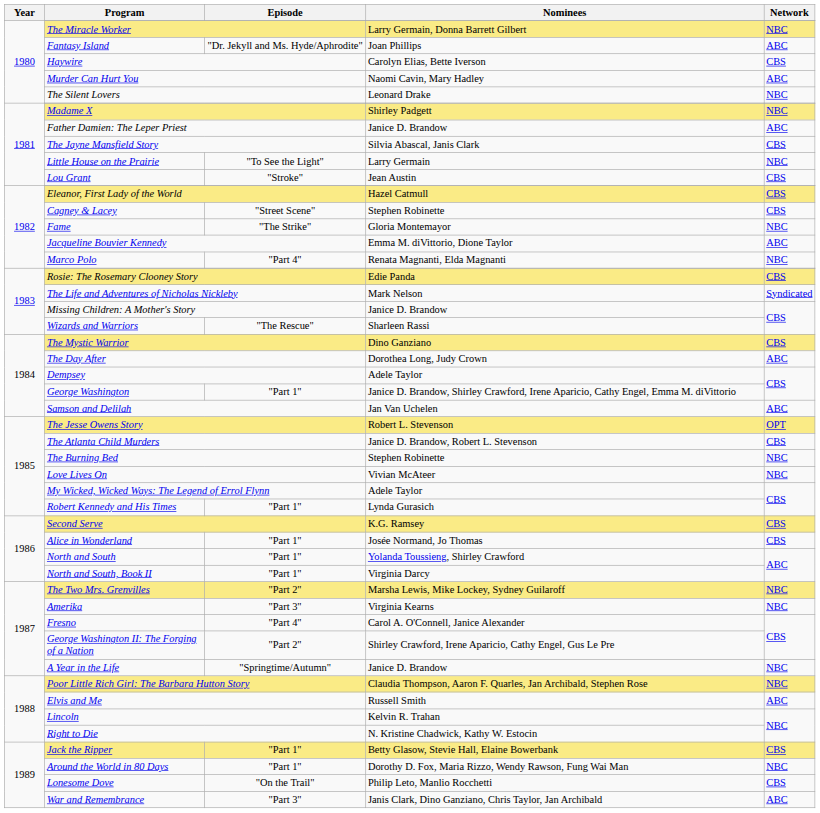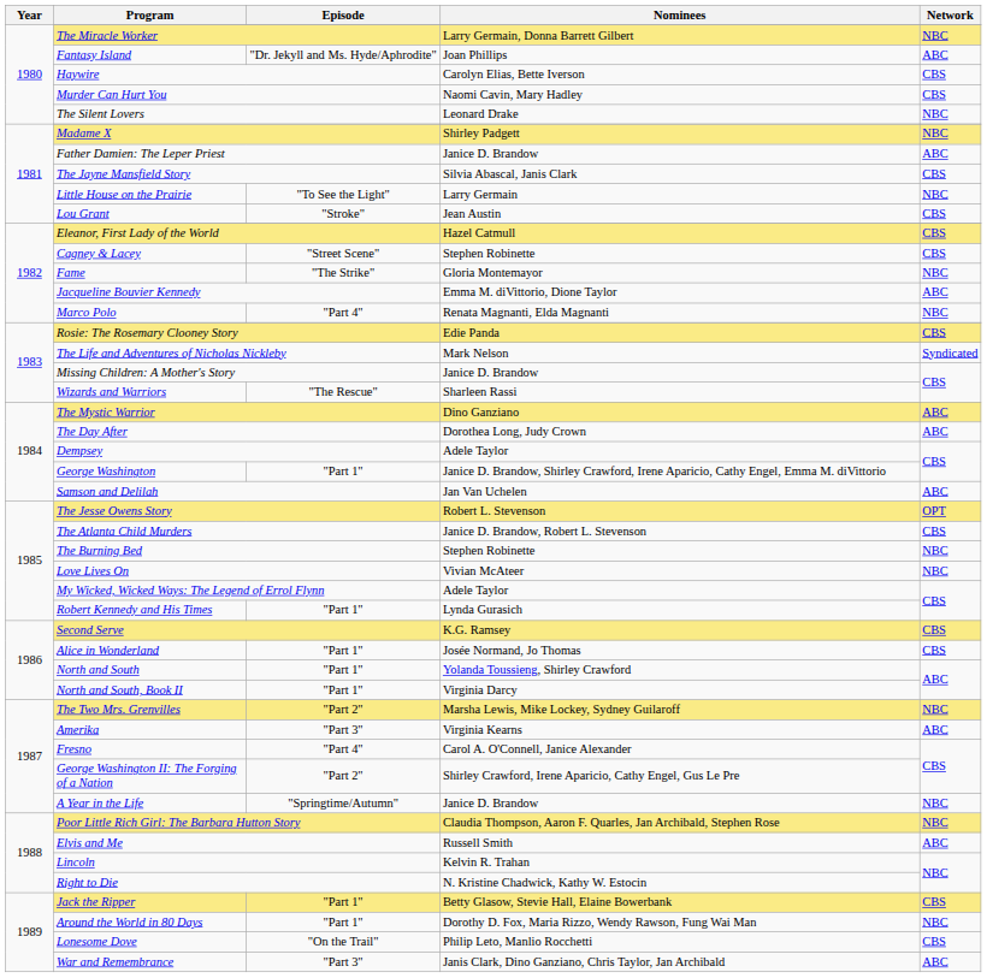 <table class="wikitable">
 <tr>
 <th width="5%">Year</th>
 <th width="20%">Program</th>
 <th width="20%">Episode</th>
 <th width="50%">Nominees</th>
 <th width="5%">Network</th>
 </tr>
 <tr>
 <td rowspan="6" style="text-align:center;"><a href='#'>1980</a><br></td>
 </tr>
 <tr style="background:#FAEB86;">
 <td colspan=2><em><a href='#'>The Miracle Worker</a></em></td>
 <td>Larry Germain, Donna Barrett Gilbert</td>
 <td><a href='#'>NBC</a></td>
 </tr>
 <tr>
 <td><em><a href='#'>Fantasy Island</a></em></td>
 <td align=center>"Dr. Jekyll and Ms. Hyde/Aphrodite"</td>
 <td>Joan Phillips</td>
 <td><a href='#'>ABC</a></td>
 </tr>
 <tr>
 <td colspan=2><em><a href='#'>Haywire</a> </em></td>
 <td>Carolyn Elias, Bette Iverson</td>
 <td><a href='#'>CBS</a></td>
 </tr>
 <tr>
 <td colspan=2><em><a href='#'>Murder Can Hurt You</a> </em></td>
 <td>Naomi Cavin, Mary Hadley</td>
-<td><a href='#'>ABC</a></td>
+<td><a href='#'>CBS</a></td>
 </tr>
 <tr>
 <td colspan=2><em>The Silent Lovers</em></td>
 <td>Leonard Drake</td>
 <td><a href='#'>NBC</a></td>
 </tr>
 <tr>
 <td rowspan="6" style="text-align:center;"><a href='#'>1981</a><br></td>
 </tr>
 <tr style="background:#FAEB86;">
 <td colspan=2><em><a href='#'>Madame X</a></em></td>
 <td>Shirley Padgett</td>
 <td><a href='#'>NBC</a></td>
 </tr>
 <tr>
 <td colspan=2><em>Father Damien: The Leper Priest </em></td>
 <td>Janice D. Brandow</td>
 <td><a href='#'>ABC</a></td>
 </tr>
 <tr>
 <td colspan=2><em><a href='#'>The Jayne Mansfield Story</a> </em></td>
 <td>Silvia Abascal, Janis Clark</td>
 <td><a href='#'>CBS</a></td>
 </tr>
 <tr>
 <td><em><a href='#'>Little House on the Prairie</a></em></td>
 <td align=center>"To See the Light"</td>
 <td>Larry Germain</td>
 <td><a href='#'>NBC</a></td>
 </tr>
 <tr>
 <td><em><a href='#'>Lou Grant</a></em></td>
 <td align=center>"Stroke"</td>
 <td>Jean Austin</td>
 <td><a href='#'>CBS</a></td>
 </tr>
 <tr>
 <td rowspan="6" style="text-align:center;"><a href='#'>1982</a><br></td>
 </tr>
 <tr style="background:#FAEB86;">
 <td colspan=2><em>Eleanor, First Lady of the World</em></td>
 <td>Hazel Catmull</td>
 <td><a href='#'>CBS</a></td>
 </tr>
 <tr>
 <td><em><a href='#'>Cagney & Lacey</a></em></td>
 <td align=center>"Street Scene"</td>
 <td>Stephen Robinette</td>
 <td><a href='#'>CBS</a></td>
 </tr>
 <tr>
 <td><em><a href='#'>Fame</a></em></td>
 <td align=center>"The Strike"</td>
 <td>Gloria Montemayor</td>
 <td><a href='#'>NBC</a></td>
 </tr>
 <tr>
 <td colspan=2><em><a href='#'>Jacqueline Bouvier Kennedy</a> </em></td>
 <td>Emma M. diVittorio, Dione Taylor</td>
 <td><a href='#'>ABC</a></td>
 </tr>
 <tr>
 <td><em><a href='#'>Marco Polo</a></em></td>
 <td align=center>"Part 4"</td>
 <td>Renata Magnanti, Elda Magnanti</td>
 <td><a href='#'>NBC</a></td>
 </tr>
 <tr>
 <td rowspan="5" style="text-align:center;"><a href='#'>1983</a><br></td>
 </tr>
 <tr style="background:#FAEB86;">
 <td colspan=2><em>Rosie: The Rosemary Clooney Story</em></td>
 <td>Edie Panda</td>
 <td><a href='#'>CBS</a></td>
 </tr>
 <tr>
 <td colspan=2><em><a href='#'>The Life and Adventures of Nicholas Nickleby</a> </em></td>
 <td>Mark Nelson</td>
 <td><a href='#'>Syndicated</a></td>
 </tr>
 <tr>
 <td colspan=2><em>Missing Children: A Mother's Story</em></td>
 <td>Janice D. Brandow</td>
 <td rowspan=2><a href='#'>CBS</a></td>
 </tr>
 <tr>
 <td><em><a href='#'>Wizards and Warriors</a> </em></td>
 <td align=center>"The Rescue"</td>
 <td>Sharleen Rassi</td>
 </tr>
 <tr>
 <td rowspan="5" style="text-align:center;">1984<br></td>
 <td style="background:#FAEB86;" colspan=2><em><a href='#'>The Mystic Warrior</a></em></td>
 <td style="background:#FAEB86;">Dino Ganziano</td>
-<td style="background:#FAEB86;"><a href='#'>CBS</a></td>
+<td style="background:#FAEB86;"><a href='#'>ABC</a></td>
 </tr>
 <tr>
 <td colspan=2><em><a href='#'>The Day After</a></em></td>
 <td>Dorothea Long, Judy Crown</td>
 <td><a href='#'>ABC</a></td>
 </tr>
 <tr>
 <td colspan=2><em><a href='#'>Dempsey</a></em></td>
 <td>Adele Taylor</td>
 <td rowspan=2><a href='#'>CBS</a></td>
 </tr>
 <tr>
 <td><em><a href='#'>George Washington</a></em></td>
 <td align=center>"Part 1"</td>
 <td>Janice D. Brandow, Shirley Crawford, Irene Aparicio, Cathy Engel, Emma M. diVittorio</td>
 </tr>
 <tr>
 <td colspan=2><em><a href='#'>Samson and Delilah</a></em></td>
 <td>Jan Van Uchelen</td>
 <td><a href='#'>ABC</a></td>
 </tr>
 <tr>
 <td rowspan="6" style="text-align:center;">1985<br></td>
 <td style="background:#FAEB86;" colspan=2><em><a href='#'>The Jesse Owens Story</a></em></td>
 <td style="background:#FAEB86;">Robert L. Stevenson</td>
 <td style="background:#FAEB86;"><a href='#'>OPT</a></td>
 </tr>
 <tr>
 <td colspan=2><em><a href='#'>The Atlanta Child Murders</a></em></td>
 <td>Janice D. Brandow, Robert L. Stevenson</td>
 <td><a href='#'>CBS</a></td>
 </tr>
 <tr>
 <td colspan=2><em><a href='#'>The Burning Bed</a></em></td>
 <td>Stephen Robinette</td>
 <td><a href='#'>NBC</a></td>
 </tr>
 <tr>
 <td colspan=2><em><a href='#'>Love Lives On</a></em></td>
 <td>Vivian McAteer</td>
 <td><a href='#'>NBC</a></td>
 </tr>
 <tr>
 <td colspan=2><em><a href='#'>My Wicked, Wicked Ways: The Legend of Errol Flynn</a></em></td>
 <td>Adele Taylor</td>
 <td rowspan=2><a href='#'>CBS</a></td>
 </tr>
 <tr>
 <td><em><a href='#'>Robert Kennedy and His Times</a></em></td>
 <td align=center>"Part 1"</td>
 <td>Lynda Gurasich</td>
 </tr>
 <tr>
 <td rowspan="4" style="text-align:center;">1986<br></td>
 <td style="background:#FAEB86;" colspan=2><em><a href='#'>Second Serve</a></em></td>
 <td style="background:#FAEB86;">K.G. Ramsey</td>
 <td style="background:#FAEB86;"><a href='#'>CBS</a></td>
 </tr>
 <tr>
 <td><em><a href='#'>Alice in Wonderland</a></em></td>
 <td align=center>"Part 1"</td>
 <td>Josée Normand, Jo Thomas</td>
 <td><a href='#'>CBS</a></td>
 </tr>
 <tr>
 <td><em><a href='#'>North and South</a></em></td>
 <td align=center>"Part 1"</td>
 <td><a href='#'>Yolanda Toussieng</a>, Shirley Crawford</td>
 <td rowspan=2><a href='#'>ABC</a></td>
 </tr>
 <tr>
 <td><em><a href='#'>North and South, Book II</a></em></td>
 <td align=center>"Part 1"</td>
 <td>Virginia Darcy</td>
 </tr>
 <tr>
 <td rowspan="5" style="text-align:center;">1987<br></td>
 <td style="background:#FAEB86;"><em><a href='#'>The Two Mrs. Grenvilles</a></em></td>
 <td style="background:#FAEB86;" align=center>"Part 2"</td>
 <td style="background:#FAEB86;">Marsha Lewis, Mike Lockey, Sydney Guilaroff</td>
 <td style="background:#FAEB86;"><a href='#'>NBC</a></td>
 </tr>
 <tr>
 <td><em><a href='#'>Amerika</a></em></td>
 <td align=center>"Part 3"</td>
 <td>Virginia Kearns</td>
-<td><a href='#'>NBC</a></td>
+<td><a href='#'>ABC</a></td>
 </tr>
 <tr>
 <td><em><a href='#'>Fresno</a></em></td>
 <td align=center>"Part 4"</td>
 <td>Carol A. O'Connell, Janice Alexander</td>
 <td rowspan=2><a href='#'>CBS</a></td>
 </tr>
 <tr>
 <td><em><a href='#'>George Washington II: The Forging of a Nation</a></em></td>
 <td align=center>"Part 2"</td>
 <td>Shirley Crawford, Irene Aparicio, Cathy Engel, Gus Le Pre</td>
 </tr>
 <tr>
 <td><em><a href='#'>A Year in the Life</a></em></td>
 <td align=center>"Springtime/Autumn"</td>
 <td>Janice D. Brandow</td>
 <td><a href='#'>NBC</a></td>
 </tr>
 <tr>
 <td rowspan="4" style="text-align:center;">1988<br></td>
 <td style="background:#FAEB86;" colspan=2><em><a href='#'>Poor Little Rich Girl: The Barbara Hutton Story</a></em></td>
 <td style="background:#FAEB86;">Claudia Thompson, Aaron F. Quarles, Jan Archibald, Stephen Rose</td>
 <td style="background:#FAEB86;"><a href='#'>NBC</a></td>
 </tr>
 <tr>
 <td colspan=2><em><a href='#'>Elvis and Me</a></em></td>
 <td>Russell Smith</td>
 <td><a href='#'>ABC</a></td>
 </tr>
 <tr>
 <td colspan=2><em><a href='#'>Lincoln</a></em></td>
 <td>Kelvin R. Trahan</td>
 <td rowspan=2><a href='#'>NBC</a></td>
 </tr>
 <tr>
 <td colspan=2><em><a href='#'>Right to Die</a></em></td>
 <td>N. Kristine Chadwick, Kathy W. Estocin</td>
 </tr>
 <tr>
 <td rowspan="4" style="text-align:center;">1989<br></td>
 <td style="background:#FAEB86;"><em><a href='#'>Jack the Ripper</a></em></td>
 <td style="background:#FAEB86;" align=center>"Part 1"</td>
 <td style="background:#FAEB86;">Betty Glasow, Stevie Hall, Elaine Bowerbank</td>
 <td style="background:#FAEB86;"><a href='#'>CBS</a></td>
 </tr>
 <tr>
 <td><em><a href='#'>Around the World in 80 Days</a></em></td>
 <td align=center>"Part 1"</td>
 <td>Dorothy D. Fox, Maria Rizzo, Wendy Rawson, Fung Wai Man</td>
 <td><a href='#'>NBC</a></td>
 </tr>
 <tr>
 <td><em><a href='#'>Lonesome Dove</a></em></td>
 <td align=center>"On the Trail"</td>
 <td>Philip Leto, Manlio Rocchetti</td>
 <td><a href='#'>CBS</a></td>
 </tr>
 <tr>
 <td><em><a href='#'>War and Remembrance</a></em></td>
 <td align=center>"Part 3"</td>
 <td>Janis Clark, Dino Ganziano, Chris Taylor, Jan Archibald</td>
 <td><a href='#'>ABC</a></td>
 </tr>
 </table>
